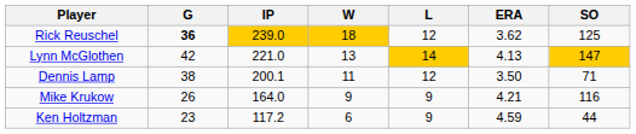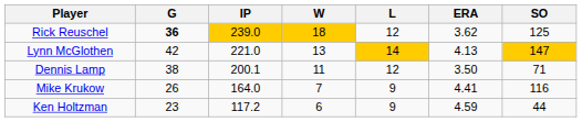 <table class="wikitable sortable">
 <tr>
 <th bgcolor="#DDDDFF" width="16%">Player</th>
 <th bgcolor="#DDDDFF" width="9%">G</th>
 <th bgcolor="#DDDDFF" width="9%">IP</th>
 <th bgcolor="#DDDDFF" width="9%">W</th>
 <th bgcolor="#DDDDFF" width="9%">L</th>
 <th bgcolor="#DDDDFF" width="9%">ERA</th>
 <th bgcolor="#DDDDFF" width="9%">SO</th>
 </tr>
 <tr align="center">
 <td><a href='#'>Rick Reuschel</a></td>
 <td><strong>36</strong></td>
 <td style="background:#fc0;">239.0</td>
 <td style="background:#fc0;">18</td>
 <td>12</td>
 <td>3.62</td>
 <td>125</td>
 </tr>
 <tr align=center>
 <td><a href='#'>Lynn McGlothen</a></td>
 <td>42</td>
 <td>221.0</td>
 <td>13</td>
 <td style="background:#fc0;">14</td>
 <td>4.13</td>
 <td style="background:#fc0;">147</td>
 </tr>
 <tr align=center>
 <td><a href='#'>Dennis Lamp</a></td>
 <td>38</td>
 <td>200.1</td>
 <td>11</td>
 <td>12</td>
 <td>3.50</td>
 <td>71</td>
 </tr>
 <tr align=center>
 <td><a href='#'>Mike Krukow</a></td>
 <td>26</td>
 <td>164.0</td>
+<td>7</td>
 <td>9</td>
-<td>9</td>
-<td>4.21</td>
+<td>4.41</td>
 <td>116</td>
 </tr>
 <tr align=center>
 <td><a href='#'>Ken Holtzman</a></td>
 <td>23</td>
 <td>117.2</td>
 <td>6</td>
 <td>9</td>
 <td>4.59</td>
 <td>44</td>
 </tr>
 </table>
